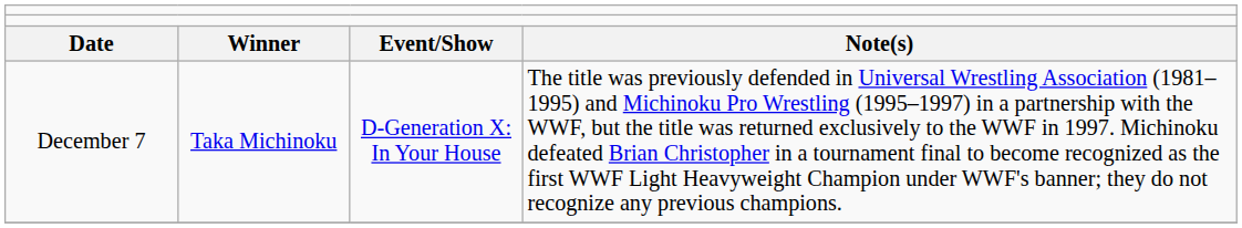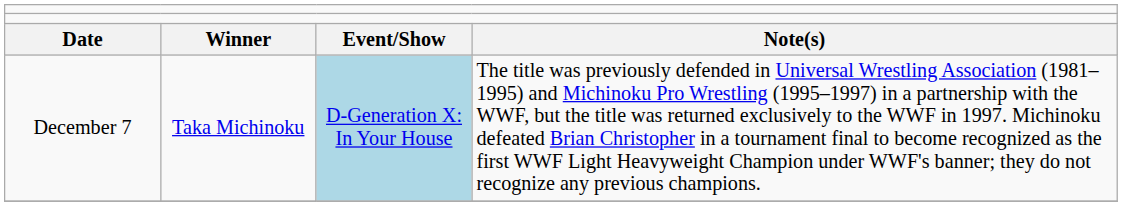 <table class="wikitable" style="text-align:center; width:100%;">
 <tr>
 <td colspan="5"></td>
 </tr>
 <tr>
 <td colspan="5"><strong></strong></td>
 </tr>
 <tr>
 <th width=14%>Date</th>
 <th width=14%>Winner</th>
 <th width=14%>Event/Show</th>
 <th width=58%>Note(s)</th>
 </tr>
 <tr>
 <td>December 7</td>
 <td><a href='#'>Taka Michinoku</a></td>
-<td><a href='#'>D-Generation X: In Your House</a></td>
+<td style="background: lightblue;"><a href='#'>D-Generation X: In Your House</a></td>
 <td align=left>The title was previously defended in <a href='#'>Universal Wrestling Association</a> (1981–1995) and <a href='#'>Michinoku Pro Wrestling</a> (1995–1997) in a partnership with the WWF, but the title was returned exclusively to the WWF in 1997. Michinoku defeated <a href='#'>Brian Christopher</a> in a tournament final to become recognized as the first WWF Light Heavyweight Champion under WWF's banner; they do not recognize any previous champions.</td>
 </tr>
 <tr>
 </tr>
 </table>
